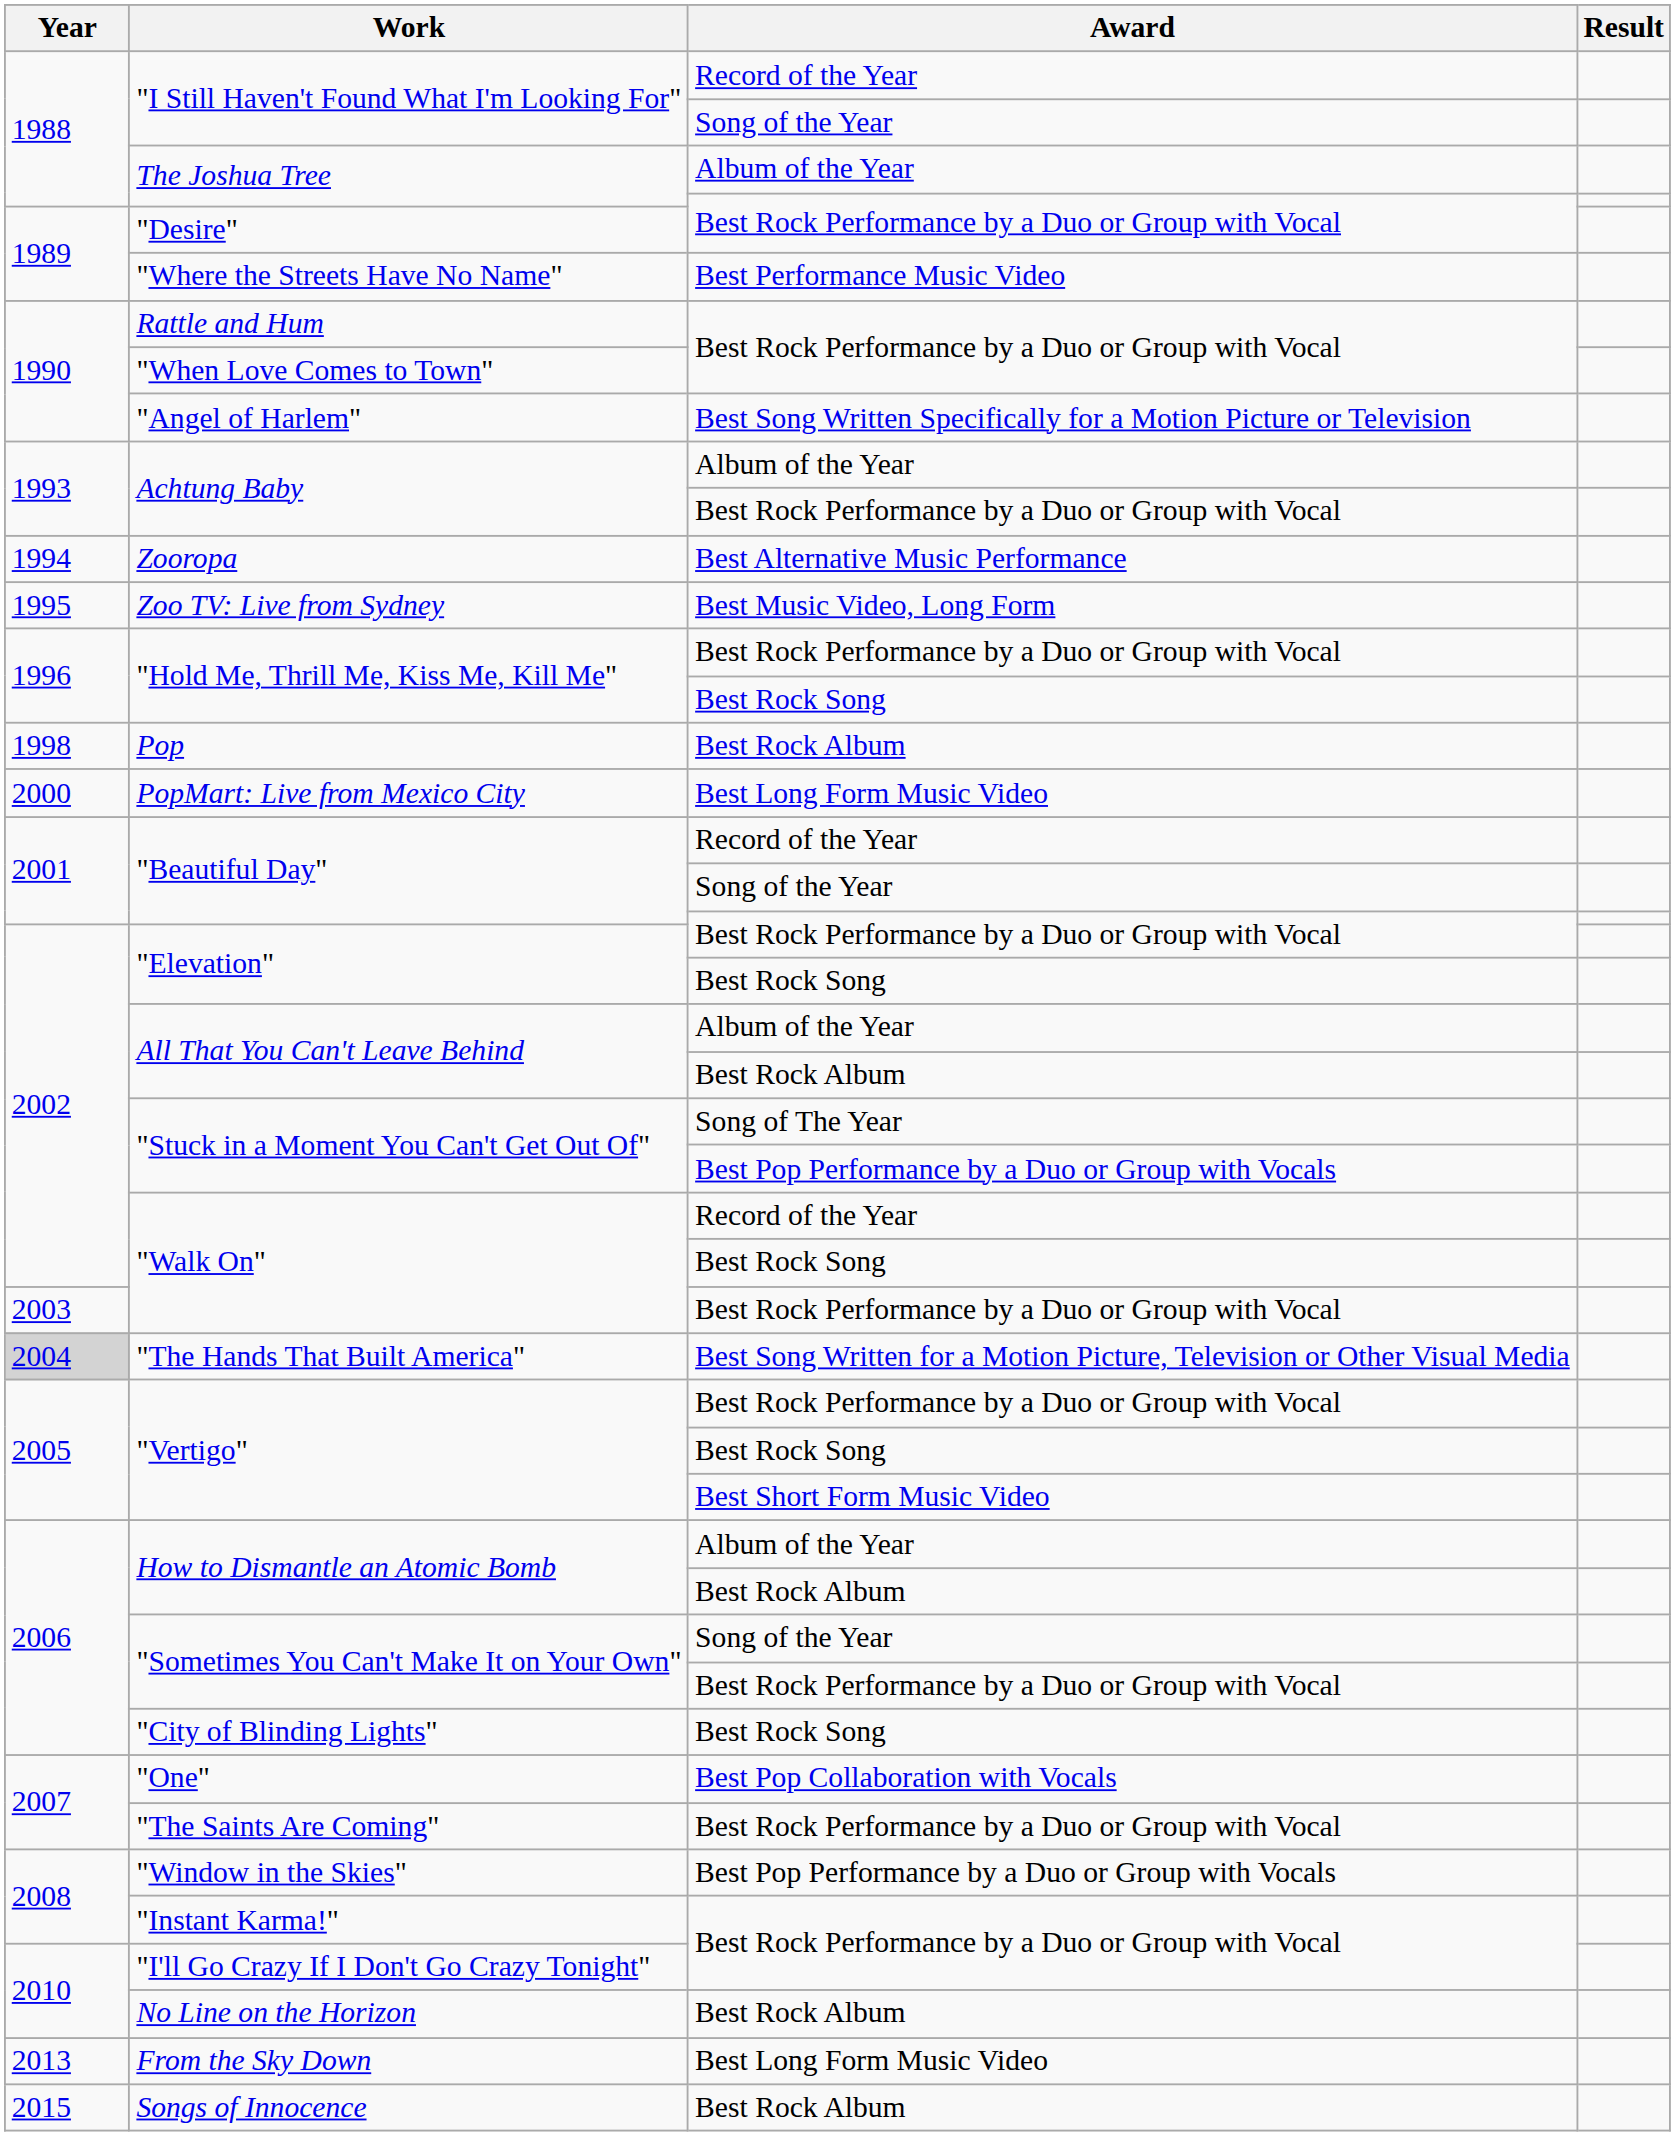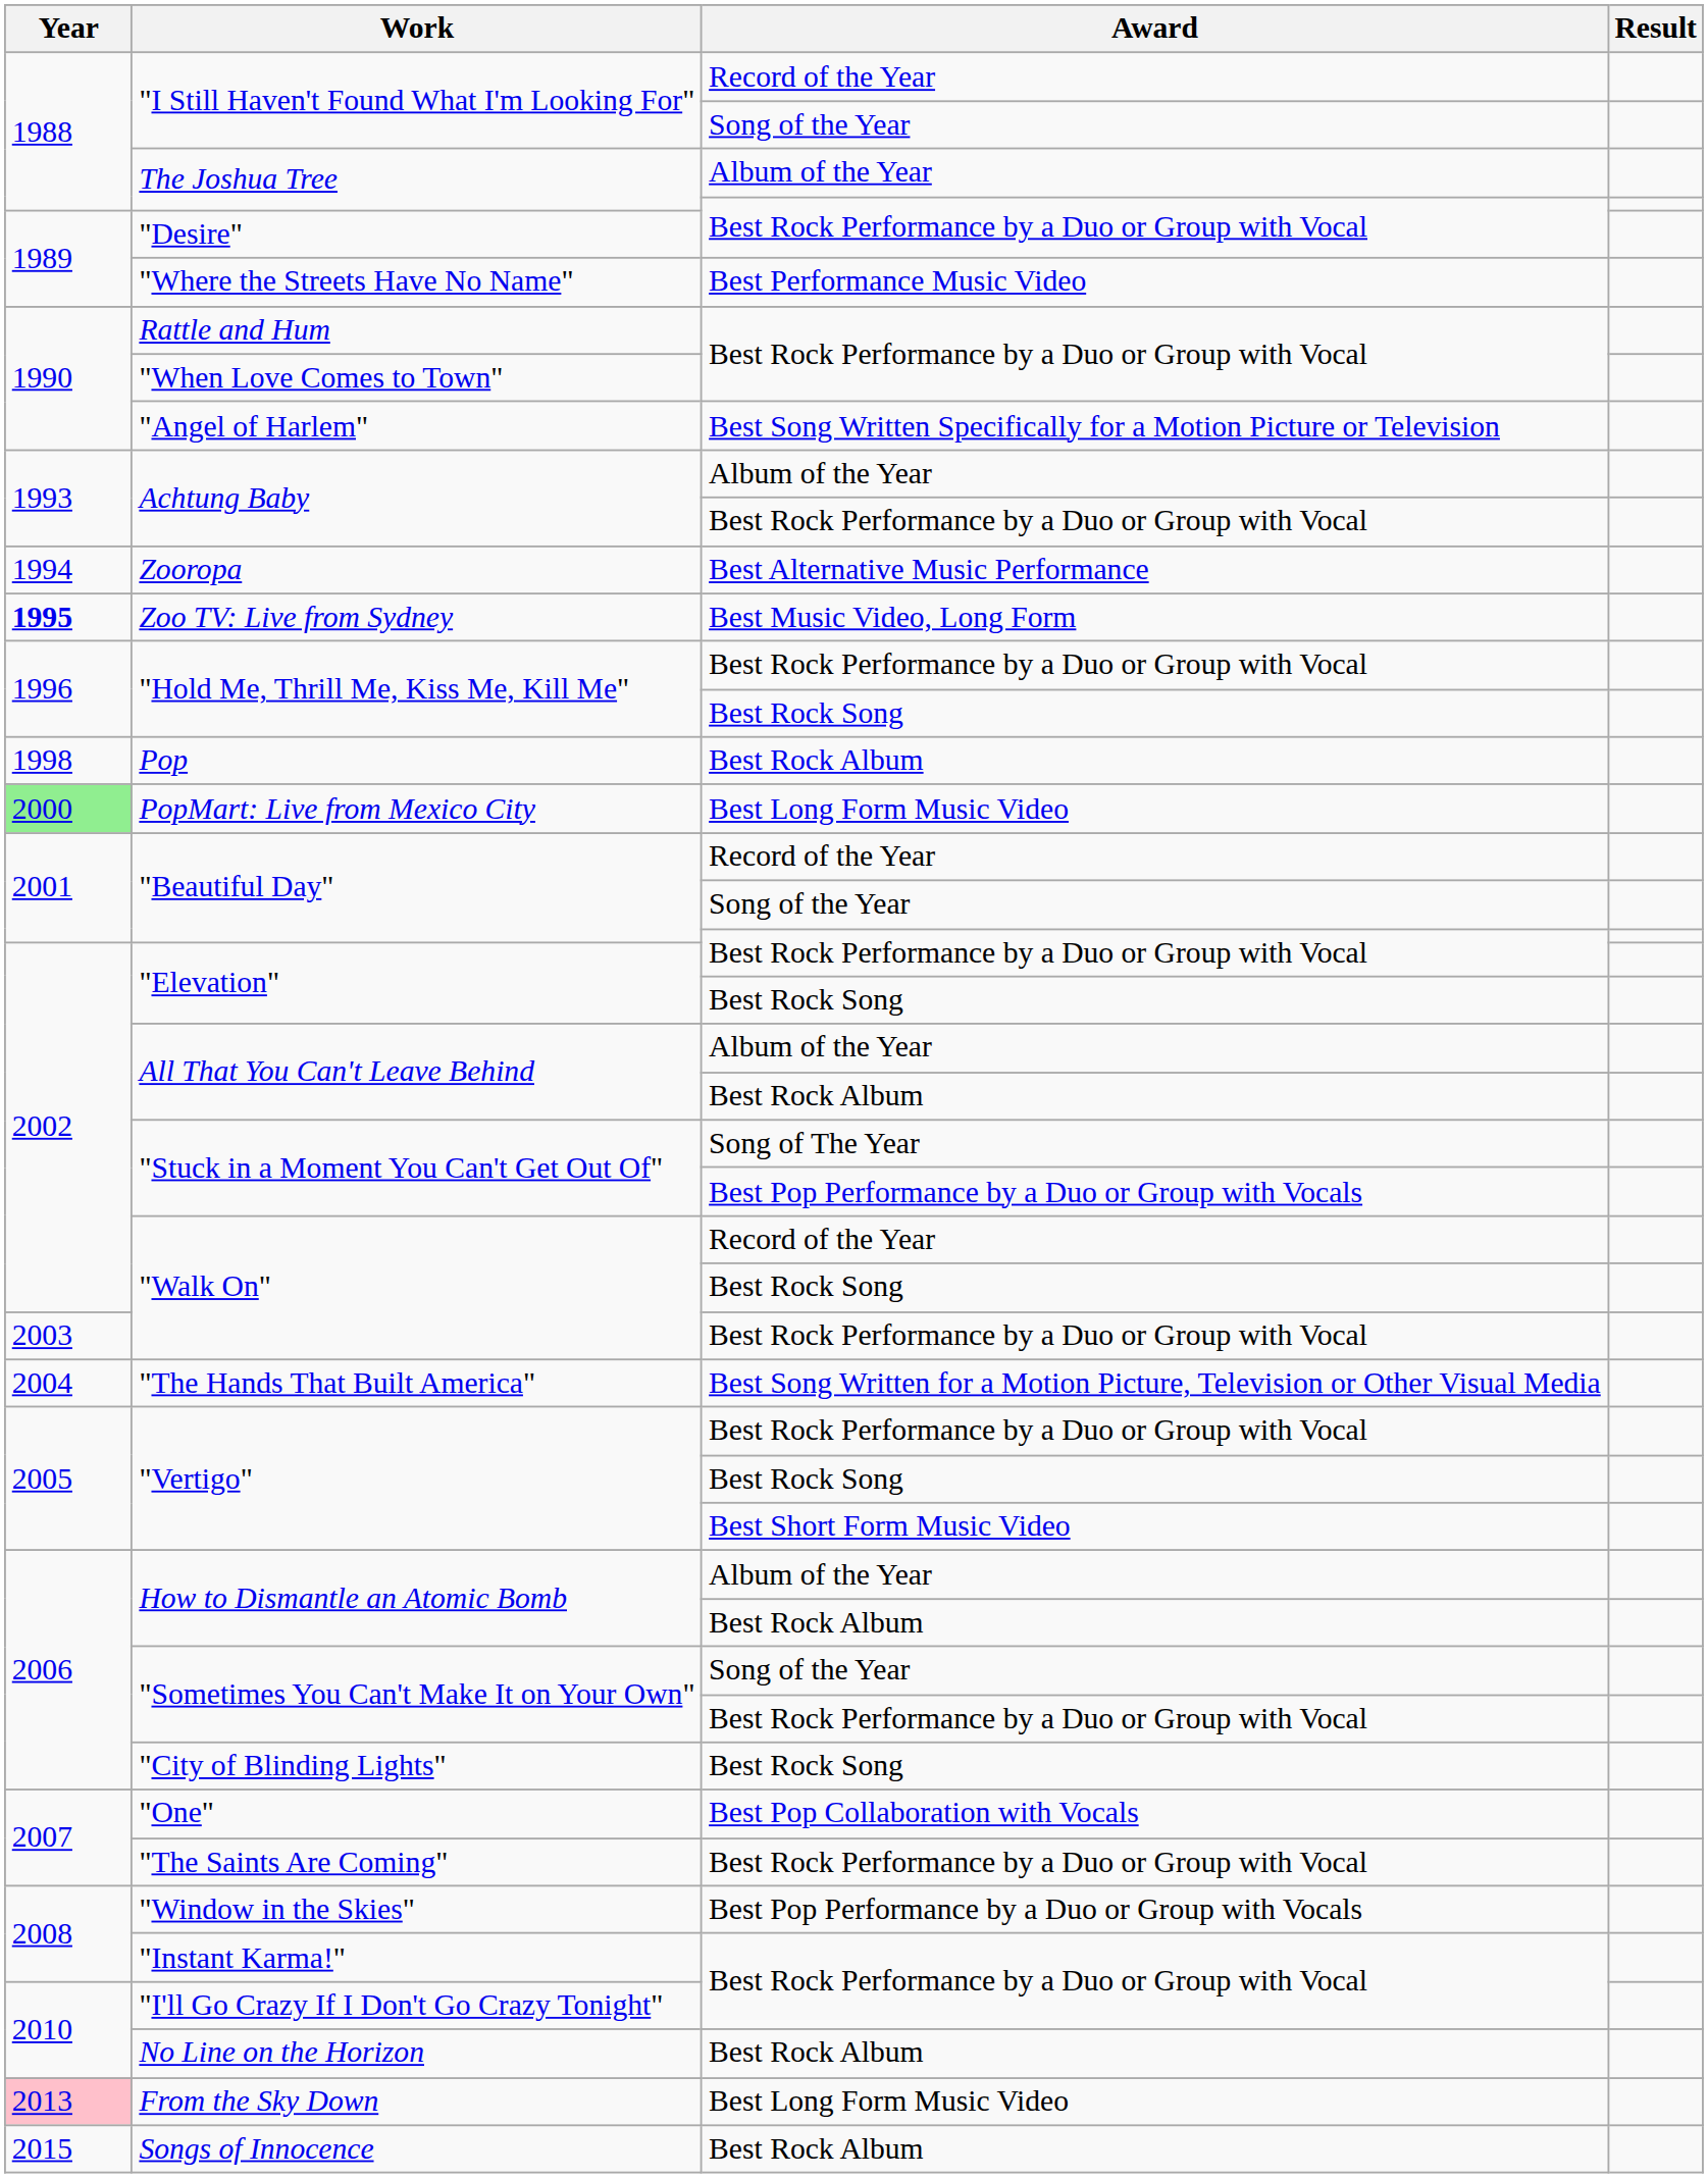 <table class="wikitable">
 <tr>
 <th style="width:60px;">Year</th>
 <th>Work</th>
 <th>Award</th>
 <th>Result</th>
 </tr>
 <tr>
 <td rowspan="4"><a href='#'>1988</a></td>
 <td rowspan="2">"<a href='#'>I Still Haven't Found What I'm Looking For</a>"</td>
 <td><a href='#'>Record of the Year</a></td>
 <td></td>
 </tr>
 <tr>
 <td><a href='#'>Song of the Year</a></td>
 <td></td>
 </tr>
 <tr>
 <td rowspan="2"><em><a href='#'>The Joshua Tree</a></em></td>
 <td><a href='#'>Album of the Year</a></td>
 <td></td>
 </tr>
 <tr>
 <td rowspan="2"><a href='#'>Best Rock Performance by a Duo or Group with Vocal</a></td>
 <td></td>
 </tr>
 <tr>
 <td rowspan="2"><a href='#'>1989</a></td>
 <td>"<a href='#'>Desire</a>"</td>
 <td></td>
 </tr>
 <tr>
 <td>"<a href='#'>Where the Streets Have No Name</a>"</td>
 <td><a href='#'>Best Performance Music Video</a></td>
 <td></td>
 </tr>
 <tr>
 <td rowspan="3"><a href='#'>1990</a></td>
 <td><em><a href='#'>Rattle and Hum</a></em></td>
 <td rowspan="2">Best Rock Performance by a Duo or Group with Vocal</td>
 <td></td>
 </tr>
 <tr>
 <td>"<a href='#'>When Love Comes to Town</a>" </td>
 <td></td>
 </tr>
 <tr>
 <td>"<a href='#'>Angel of Harlem</a>" </td>
 <td><a href='#'>Best Song Written Specifically for a Motion Picture or Television</a></td>
 <td></td>
 </tr>
 <tr>
 <td rowspan="2"><a href='#'>1993</a></td>
 <td rowspan="2"><em><a href='#'>Achtung Baby</a></em></td>
 <td>Album of the Year</td>
 <td></td>
 </tr>
 <tr>
 <td>Best Rock Performance by a Duo or Group with Vocal</td>
 <td></td>
 </tr>
 <tr>
 <td><a href='#'>1994</a></td>
 <td><em><a href='#'>Zooropa</a></em></td>
 <td><a href='#'>Best Alternative Music Performance</a></td>
 <td></td>
 </tr>
 <tr>
-<td><a href='#'>1995</a></td>
+<td><strong><a href='#'>1995</a></strong></td>
 <td><em><a href='#'>Zoo TV: Live from Sydney</a></em></td>
 <td><a href='#'>Best Music Video, Long Form</a></td>
 <td></td>
 </tr>
 <tr>
 <td rowspan="2"><a href='#'>1996</a></td>
 <td rowspan="2">"<a href='#'>Hold Me, Thrill Me, Kiss Me, Kill Me</a>" </td>
 <td>Best Rock Performance by a Duo or Group with Vocal</td>
 <td></td>
 </tr>
 <tr>
 <td><a href='#'>Best Rock Song</a></td>
 <td></td>
 </tr>
 <tr>
 <td><a href='#'>1998</a></td>
 <td><em><a href='#'>Pop</a></em></td>
 <td><a href='#'>Best Rock Album</a></td>
 <td></td>
 </tr>
 <tr>
-<td><a href='#'>2000</a></td>
+<td style="background: lightgreen;"><a href='#'>2000</a></td>
 <td><em><a href='#'>PopMart: Live from Mexico City</a></em></td>
 <td><a href='#'>Best Long Form Music Video</a></td>
 <td></td>
 </tr>
 <tr>
 <td rowspan="3"><a href='#'>2001</a></td>
 <td rowspan="3">"<a href='#'>Beautiful Day</a>"</td>
 <td>Record of the Year</td>
 <td></td>
 </tr>
 <tr>
 <td>Song of the Year</td>
 <td></td>
 </tr>
 <tr>
 <td rowspan="2">Best Rock Performance by a Duo or Group with Vocal</td>
 <td></td>
 </tr>
 <tr>
 <td rowspan="8"><a href='#'>2002</a></td>
 <td rowspan="2">"<a href='#'>Elevation</a>"</td>
 <td></td>
 </tr>
 <tr>
 <td>Best Rock Song</td>
 <td></td>
 </tr>
 <tr>
 <td rowspan="2"><em><a href='#'>All That You Can't Leave Behind</a></em></td>
 <td>Album of the Year</td>
 <td></td>
 </tr>
 <tr>
 <td>Best Rock Album</td>
 <td></td>
 </tr>
 <tr>
 <td rowspan="2">"<a href='#'>Stuck in a Moment You Can't Get Out Of</a>"</td>
 <td>Song of The Year</td>
 <td></td>
 </tr>
 <tr>
 <td><a href='#'>Best Pop Performance by a Duo or Group with Vocals</a></td>
 <td></td>
 </tr>
 <tr>
 <td rowspan="3">"<a href='#'>Walk On</a>"</td>
 <td>Record of the Year</td>
 <td></td>
 </tr>
 <tr>
 <td>Best Rock Song</td>
 <td></td>
 </tr>
 <tr>
 <td rowspan="1"><a href='#'>2003</a></td>
 <td>Best Rock Performance by a Duo or Group with Vocal</td>
 <td></td>
 </tr>
 <tr>
-<td style="background: lightgrey;"><a href='#'>2004</a></td>
+<td><a href='#'>2004</a></td>
 <td>"<a href='#'>The Hands That Built America</a>" </td>
 <td><a href='#'>Best Song Written for a Motion Picture, Television or Other Visual Media</a></td>
 <td></td>
 </tr>
 <tr>
 <td rowspan="3"><a href='#'>2005</a></td>
 <td rowspan="3">"<a href='#'>Vertigo</a>"</td>
 <td>Best Rock Performance by a Duo or Group with Vocal</td>
 <td></td>
 </tr>
 <tr>
 <td>Best Rock Song</td>
 <td></td>
 </tr>
 <tr>
 <td><a href='#'>Best Short Form Music Video</a></td>
 <td></td>
 </tr>
 <tr>
 <td rowspan="5"><a href='#'>2006</a></td>
 <td rowspan="2"><em><a href='#'>How to Dismantle an Atomic Bomb</a></em></td>
 <td>Album of the Year</td>
 <td></td>
 </tr>
 <tr>
 <td>Best Rock Album</td>
 <td></td>
 </tr>
 <tr>
 <td rowspan="2">"<a href='#'>Sometimes You Can't Make It on Your Own</a>"</td>
 <td>Song of the Year</td>
 <td></td>
 </tr>
 <tr>
 <td>Best Rock Performance by a Duo or Group with Vocal</td>
 <td></td>
 </tr>
 <tr>
 <td>"<a href='#'>City of Blinding Lights</a>"</td>
 <td>Best Rock Song</td>
 <td></td>
 </tr>
 <tr>
 <td rowspan="2"><a href='#'>2007</a></td>
 <td>"<a href='#'>One</a>" </td>
 <td><a href='#'>Best Pop Collaboration with Vocals</a></td>
 <td></td>
 </tr>
 <tr>
 <td>"<a href='#'>The Saints Are Coming</a>" </td>
 <td>Best Rock Performance by a Duo or Group with Vocal</td>
 <td></td>
 </tr>
 <tr>
 <td rowspan="2"><a href='#'>2008</a></td>
 <td>"<a href='#'>Window in the Skies</a>"</td>
 <td>Best Pop Performance by a Duo or Group with Vocals</td>
 <td></td>
 </tr>
 <tr>
 <td>"<a href='#'>Instant Karma!</a>"</td>
 <td rowspan="2">Best Rock Performance by a Duo or Group with Vocal</td>
 <td></td>
 </tr>
 <tr>
 <td rowspan="2"><a href='#'>2010</a></td>
 <td>"<a href='#'>I'll Go Crazy If I Don't Go Crazy Tonight</a>"</td>
 <td></td>
 </tr>
 <tr>
 <td><em><a href='#'>No Line on the Horizon</a></em></td>
 <td>Best Rock Album</td>
 <td></td>
 </tr>
 <tr>
-<td><a href='#'>2013</a></td>
+<td style="background: pink;"><a href='#'>2013</a></td>
 <td><em><a href='#'>From the Sky Down</a></em></td>
 <td>Best Long Form Music Video</td>
 <td></td>
 </tr>
 <tr>
 <td><a href='#'>2015</a></td>
 <td><em><a href='#'>Songs of Innocence</a></em></td>
 <td>Best Rock Album</td>
 <td></td>
 </tr>
 </table>
